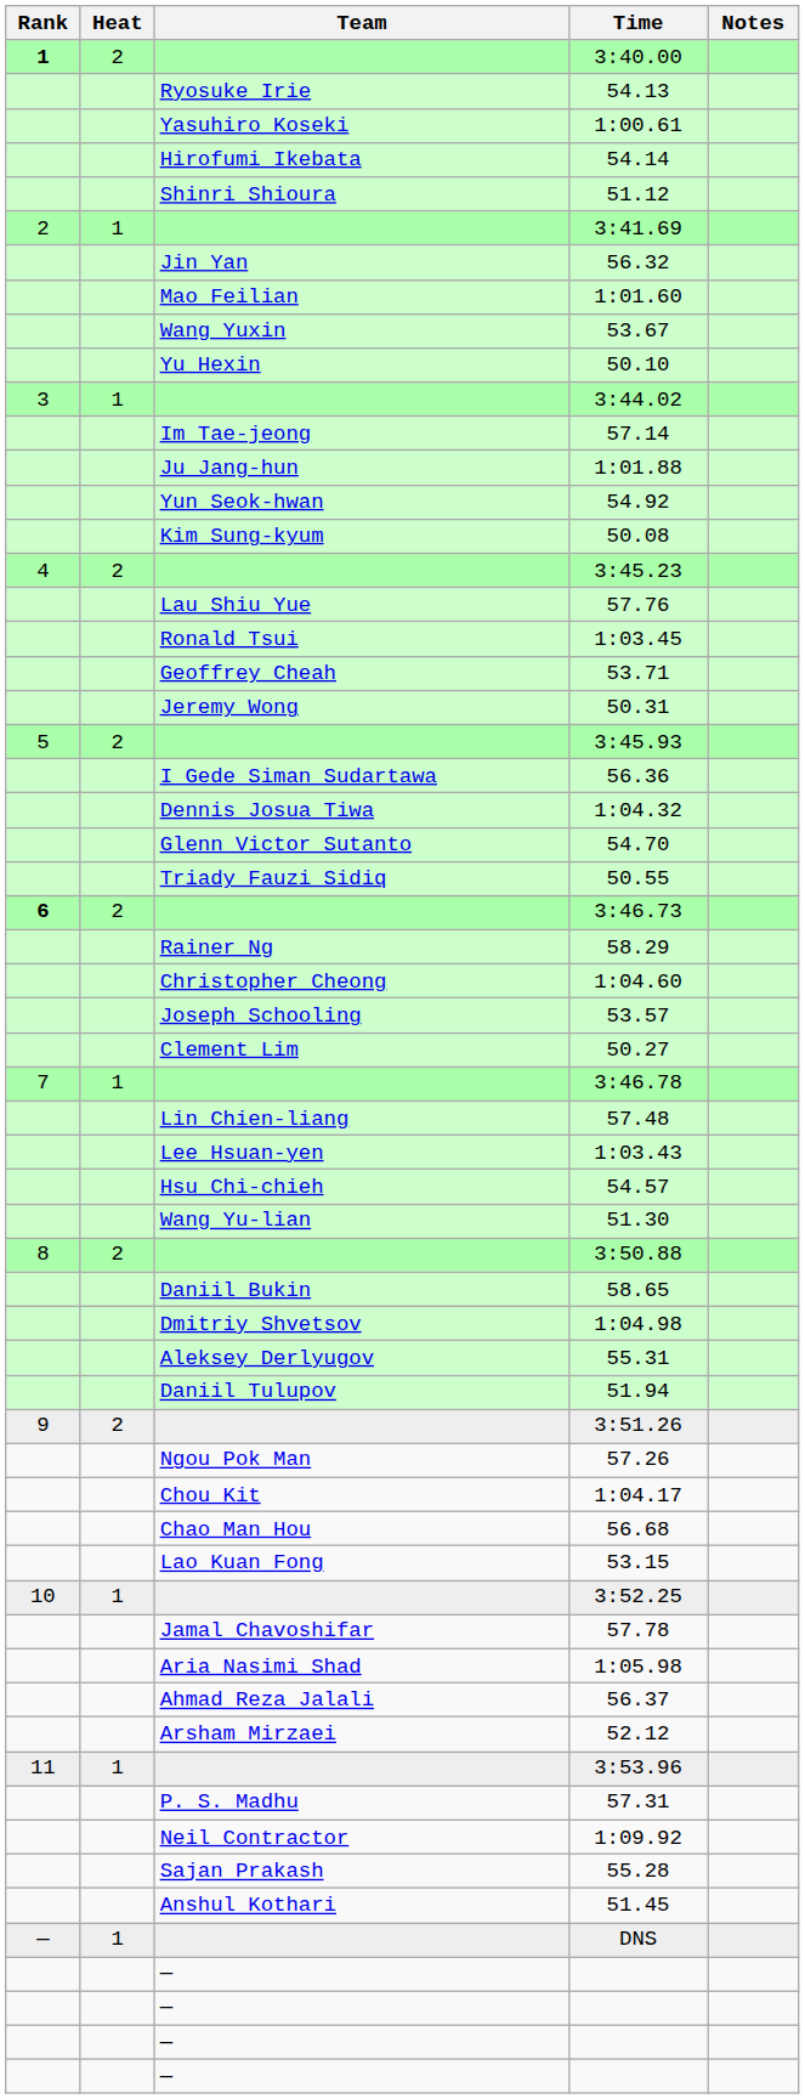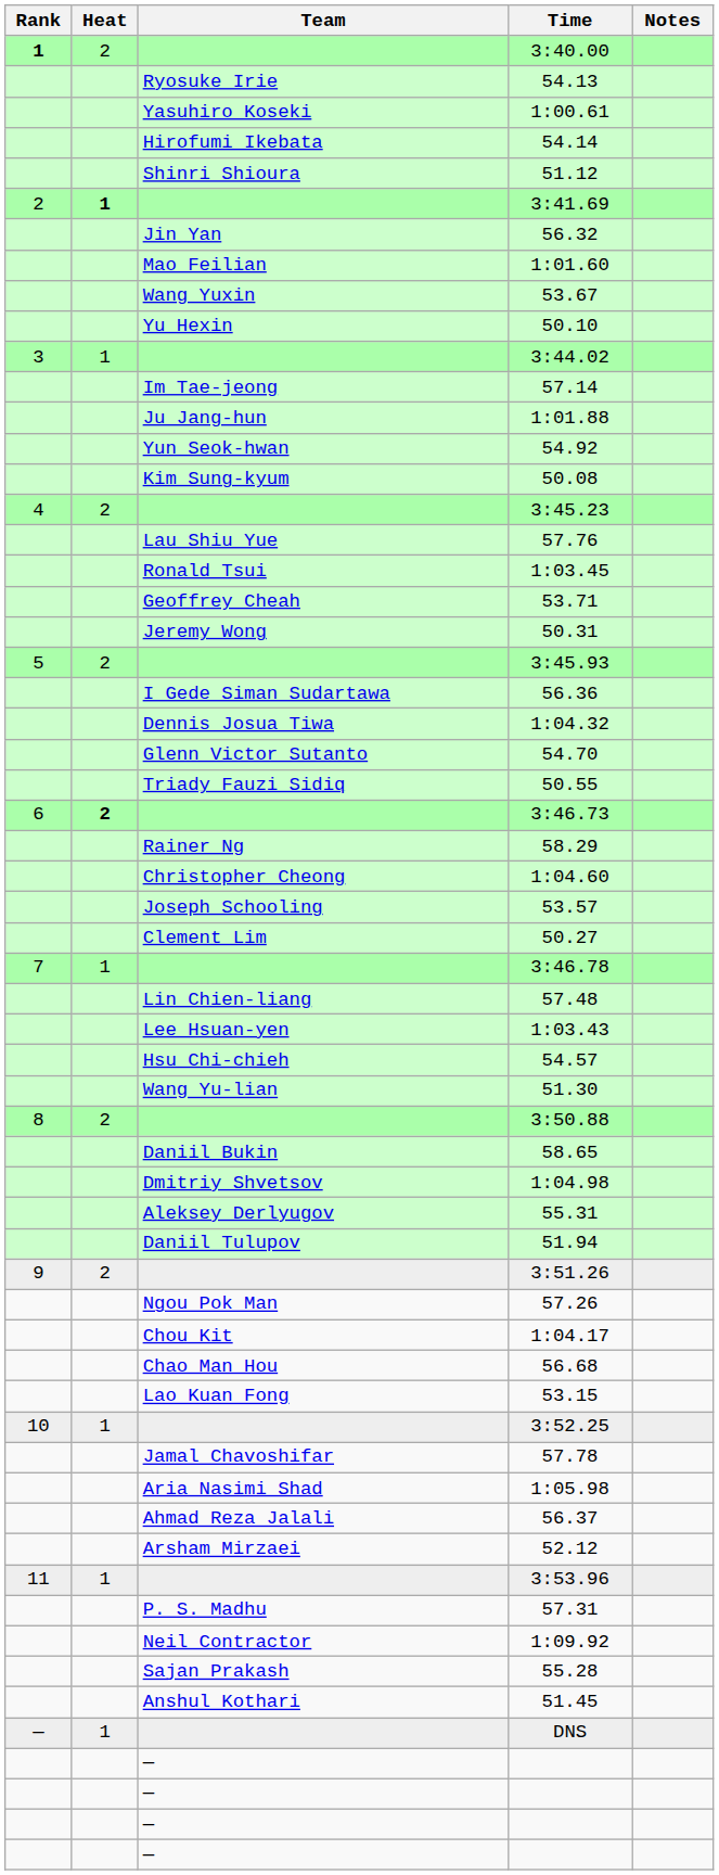 <table class="wikitable" style="text-align:center">
 <tr>
 <th width=40>Rank</th>
 <th width=40>Heat</th>
 <th width=250>Team</th>
 <th width=80>Time</th>
 <th width=50>Notes</th>
 </tr>
 <tr bgcolor="aaffaa">
 <td><strong>1</strong></td>
 <td>2</td>
 <td align=left></td>
 <td>3:40.00</td>
 <td></td>
 </tr>
 <tr bgcolor="ccffcc">
 <td></td>
 <td></td>
 <td align=left><a href='#'>Ryosuke Irie</a></td>
 <td>54.13</td>
 <td></td>
 </tr>
 <tr bgcolor="ccffcc">
 <td></td>
 <td></td>
 <td align=left><a href='#'>Yasuhiro Koseki</a></td>
 <td>1:00.61</td>
 <td></td>
 </tr>
 <tr bgcolor="ccffcc">
 <td></td>
 <td></td>
 <td align=left><a href='#'>Hirofumi Ikebata</a></td>
 <td>54.14</td>
 <td></td>
 </tr>
 <tr bgcolor="ccffcc">
 <td></td>
 <td></td>
 <td align=left><a href='#'>Shinri Shioura</a></td>
 <td>51.12</td>
 <td></td>
 </tr>
 <tr bgcolor="aaffaa">
 <td>2</td>
-<td>1</td>
+<td><strong>1</strong></td>
 <td align=left></td>
 <td>3:41.69</td>
 <td></td>
 </tr>
 <tr bgcolor="ccffcc">
 <td></td>
 <td></td>
 <td align=left><a href='#'>Jin Yan</a></td>
 <td>56.32</td>
 <td></td>
 </tr>
 <tr bgcolor="ccffcc">
 <td></td>
 <td></td>
 <td align=left><a href='#'>Mao Feilian</a></td>
 <td>1:01.60</td>
 <td></td>
 </tr>
 <tr bgcolor="ccffcc">
 <td></td>
 <td></td>
 <td align=left><a href='#'>Wang Yuxin</a></td>
 <td>53.67</td>
 <td></td>
 </tr>
 <tr bgcolor="ccffcc">
 <td></td>
 <td></td>
 <td align=left><a href='#'>Yu Hexin</a></td>
 <td>50.10</td>
 <td></td>
 </tr>
 <tr bgcolor="aaffaa">
 <td>3</td>
 <td>1</td>
 <td align=left></td>
 <td>3:44.02</td>
 <td></td>
 </tr>
 <tr bgcolor="ccffcc">
 <td></td>
 <td></td>
 <td align=left><a href='#'>Im Tae-jeong</a></td>
 <td>57.14</td>
 <td></td>
 </tr>
 <tr bgcolor="ccffcc">
 <td></td>
 <td></td>
 <td align=left><a href='#'>Ju Jang-hun</a></td>
 <td>1:01.88</td>
 <td></td>
 </tr>
 <tr bgcolor="ccffcc">
 <td></td>
 <td></td>
 <td align=left><a href='#'>Yun Seok-hwan</a></td>
 <td>54.92</td>
 <td></td>
 </tr>
 <tr bgcolor="ccffcc">
 <td></td>
 <td></td>
 <td align=left><a href='#'>Kim Sung-kyum</a></td>
 <td>50.08</td>
 <td></td>
 </tr>
 <tr bgcolor="aaffaa">
 <td>4</td>
 <td>2</td>
 <td align=left></td>
 <td>3:45.23</td>
 <td></td>
 </tr>
 <tr bgcolor="ccffcc">
 <td></td>
 <td></td>
 <td align=left><a href='#'>Lau Shiu Yue</a></td>
 <td>57.76</td>
 <td></td>
 </tr>
 <tr bgcolor="ccffcc">
 <td></td>
 <td></td>
 <td align=left><a href='#'>Ronald Tsui</a></td>
 <td>1:03.45</td>
 <td></td>
 </tr>
 <tr bgcolor="ccffcc">
 <td></td>
 <td></td>
 <td align=left><a href='#'>Geoffrey Cheah</a></td>
 <td>53.71</td>
 <td></td>
 </tr>
 <tr bgcolor="ccffcc">
 <td></td>
 <td></td>
 <td align=left><a href='#'>Jeremy Wong</a></td>
 <td>50.31</td>
 <td></td>
 </tr>
 <tr bgcolor="aaffaa">
 <td>5</td>
 <td>2</td>
 <td align=left></td>
 <td>3:45.93</td>
 <td></td>
 </tr>
 <tr bgcolor="ccffcc">
 <td></td>
 <td></td>
 <td align=left><a href='#'>I Gede Siman Sudartawa</a></td>
 <td>56.36</td>
 <td></td>
 </tr>
 <tr bgcolor="ccffcc">
 <td></td>
 <td></td>
 <td align=left><a href='#'>Dennis Josua Tiwa</a></td>
 <td>1:04.32</td>
 <td></td>
 </tr>
 <tr bgcolor="ccffcc">
 <td></td>
 <td></td>
 <td align=left><a href='#'>Glenn Victor Sutanto</a></td>
 <td>54.70</td>
 <td></td>
 </tr>
 <tr bgcolor="ccffcc">
 <td></td>
 <td></td>
 <td align=left><a href='#'>Triady Fauzi Sidiq</a></td>
 <td>50.55</td>
 <td></td>
 </tr>
 <tr bgcolor="aaffaa">
-<td><strong>6</strong></td>
-<td>2</td>
+<td>6</td>
+<td><strong>2</strong></td>
 <td align=left></td>
 <td>3:46.73</td>
 <td></td>
 </tr>
 <tr bgcolor="ccffcc">
 <td></td>
 <td></td>
 <td align=left><a href='#'>Rainer Ng</a></td>
 <td>58.29</td>
 <td></td>
 </tr>
 <tr bgcolor="ccffcc">
 <td></td>
 <td></td>
 <td align=left><a href='#'>Christopher Cheong</a></td>
 <td>1:04.60</td>
 <td></td>
 </tr>
 <tr bgcolor="ccffcc">
 <td></td>
 <td></td>
 <td align=left><a href='#'>Joseph Schooling</a></td>
 <td>53.57</td>
 <td></td>
 </tr>
 <tr bgcolor="ccffcc">
 <td></td>
 <td></td>
 <td align=left><a href='#'>Clement Lim</a></td>
 <td>50.27</td>
 <td></td>
 </tr>
 <tr bgcolor="aaffaa">
 <td>7</td>
 <td>1</td>
 <td align=left></td>
 <td>3:46.78</td>
 <td></td>
 </tr>
 <tr bgcolor="ccffcc">
 <td></td>
 <td></td>
 <td align=left><a href='#'>Lin Chien-liang</a></td>
 <td>57.48</td>
 <td></td>
 </tr>
 <tr bgcolor="ccffcc">
 <td></td>
 <td></td>
 <td align=left><a href='#'>Lee Hsuan-yen</a></td>
 <td>1:03.43</td>
 <td></td>
 </tr>
 <tr bgcolor="ccffcc">
 <td></td>
 <td></td>
 <td align=left><a href='#'>Hsu Chi-chieh</a></td>
 <td>54.57</td>
 <td></td>
 </tr>
 <tr bgcolor="ccffcc">
 <td></td>
 <td></td>
 <td align=left><a href='#'>Wang Yu-lian</a></td>
 <td>51.30</td>
 <td></td>
 </tr>
 <tr bgcolor="aaffaa">
 <td>8</td>
 <td>2</td>
 <td align=left></td>
 <td>3:50.88</td>
 <td></td>
 </tr>
 <tr bgcolor="ccffcc">
 <td></td>
 <td></td>
 <td align=left><a href='#'>Daniil Bukin</a></td>
 <td>58.65</td>
 <td></td>
 </tr>
 <tr bgcolor="ccffcc">
 <td></td>
 <td></td>
 <td align=left><a href='#'>Dmitriy Shvetsov</a></td>
 <td>1:04.98</td>
 <td></td>
 </tr>
 <tr bgcolor="ccffcc">
 <td></td>
 <td></td>
 <td align=left><a href='#'>Aleksey Derlyugov</a></td>
 <td>55.31</td>
 <td></td>
 </tr>
 <tr bgcolor="ccffcc">
 <td></td>
 <td></td>
 <td align=left><a href='#'>Daniil Tulupov</a></td>
 <td>51.94</td>
 <td></td>
 </tr>
 <tr bgcolor=eeeeee>
 <td>9</td>
 <td>2</td>
 <td align=left></td>
 <td>3:51.26</td>
 <td></td>
 </tr>
 <tr>
 <td></td>
 <td></td>
 <td align=left><a href='#'>Ngou Pok Man</a></td>
 <td>57.26</td>
 <td></td>
 </tr>
 <tr>
 <td></td>
 <td></td>
 <td align=left><a href='#'>Chou Kit</a></td>
 <td>1:04.17</td>
 <td></td>
 </tr>
 <tr>
 <td></td>
 <td></td>
 <td align=left><a href='#'>Chao Man Hou</a></td>
 <td>56.68</td>
 <td></td>
 </tr>
 <tr>
 <td></td>
 <td></td>
 <td align=left><a href='#'>Lao Kuan Fong</a></td>
 <td>53.15</td>
 <td></td>
 </tr>
 <tr bgcolor=eeeeee>
 <td>10</td>
 <td>1</td>
 <td align=left></td>
 <td>3:52.25</td>
 <td></td>
 </tr>
 <tr>
 <td></td>
 <td></td>
 <td align=left><a href='#'>Jamal Chavoshifar</a></td>
 <td>57.78</td>
 <td></td>
 </tr>
 <tr>
 <td></td>
 <td></td>
 <td align=left><a href='#'>Aria Nasimi Shad</a></td>
 <td>1:05.98</td>
 <td></td>
 </tr>
 <tr>
 <td></td>
 <td></td>
 <td align=left><a href='#'>Ahmad Reza Jalali</a></td>
 <td>56.37</td>
 <td></td>
 </tr>
 <tr>
 <td></td>
 <td></td>
 <td align=left><a href='#'>Arsham Mirzaei</a></td>
 <td>52.12</td>
 <td></td>
 </tr>
 <tr bgcolor=eeeeee>
 <td>11</td>
 <td>1</td>
 <td align=left></td>
 <td>3:53.96</td>
 <td></td>
 </tr>
 <tr>
 <td></td>
 <td></td>
 <td align=left><a href='#'>P. S. Madhu</a></td>
 <td>57.31</td>
 <td></td>
 </tr>
 <tr>
 <td></td>
 <td></td>
 <td align=left><a href='#'>Neil Contractor</a></td>
 <td>1:09.92</td>
 <td></td>
 </tr>
 <tr>
 <td></td>
 <td></td>
 <td align=left><a href='#'>Sajan Prakash</a></td>
 <td>55.28</td>
 <td></td>
 </tr>
 <tr>
 <td></td>
 <td></td>
 <td align=left><a href='#'>Anshul Kothari</a></td>
 <td>51.45</td>
 <td></td>
 </tr>
 <tr bgcolor=eeeeee>
 <td>—</td>
 <td>1</td>
 <td align=left></td>
 <td>DNS</td>
 <td></td>
 </tr>
 <tr>
 <td></td>
 <td></td>
 <td align=left>—</td>
 <td></td>
 <td></td>
 </tr>
 <tr>
 <td></td>
 <td></td>
 <td align=left>—</td>
 <td></td>
 <td></td>
 </tr>
 <tr>
 <td></td>
 <td></td>
 <td align=left>—</td>
 <td></td>
 <td></td>
 </tr>
 <tr>
 <td></td>
 <td></td>
 <td align=left>—</td>
 <td></td>
 <td></td>
 </tr>
 </table>
